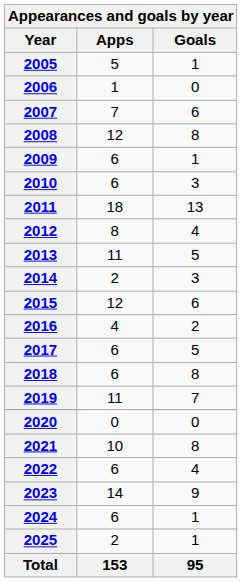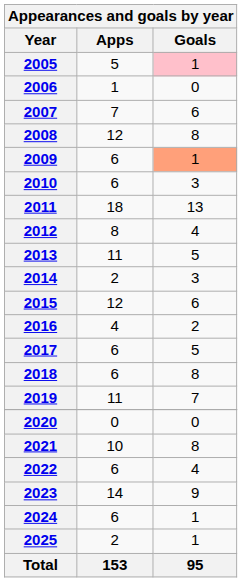 <table class="wikitable sortable" style="text-align:center;">
 <tr>
 <th colspan=3>Appearances and goals by year</th>
 </tr>
 <tr>
 <th scope=col>Year</th>
 <th scope=col>Apps</th>
 <th scope=col>Goals</th>
 </tr>
 <tr>
 <th scope=row><a href='#'>2005</a></th>
 <td>5</td>
-<td>1</td>
+<td style="background: pink;">1</td>
 </tr>
 <tr>
 <th scope=row><a href='#'>2006</a></th>
 <td>1</td>
 <td>0</td>
 </tr>
 <tr>
 <th scope=row><a href='#'>2007</a></th>
 <td>7</td>
 <td>6</td>
 </tr>
 <tr>
 <th scope=row><a href='#'>2008</a></th>
 <td>12</td>
 <td>8</td>
 </tr>
 <tr>
 <th scope=row><a href='#'>2009</a></th>
 <td>6</td>
-<td>1</td>
+<td style="background: lightsalmon;">1</td>
 </tr>
 <tr>
 <th scope=row><a href='#'>2010</a></th>
 <td>6</td>
 <td>3</td>
 </tr>
 <tr>
 <th scope=row><a href='#'>2011</a></th>
 <td>18</td>
 <td>13</td>
 </tr>
 <tr>
 <th scope=row><a href='#'>2012</a></th>
 <td>8</td>
 <td>4</td>
 </tr>
 <tr>
 <th scope=row><a href='#'>2013</a></th>
 <td>11</td>
 <td>5</td>
 </tr>
 <tr>
 <th scope=row><a href='#'>2014</a></th>
 <td>2</td>
 <td>3</td>
 </tr>
 <tr>
 <th scope=row><a href='#'>2015</a></th>
 <td>12</td>
 <td>6</td>
 </tr>
 <tr>
 <th scope=row><a href='#'>2016</a></th>
 <td>4</td>
 <td>2</td>
 </tr>
 <tr>
 <th scope=row><a href='#'>2017</a></th>
 <td>6</td>
 <td>5</td>
 </tr>
 <tr>
 <th scope=row><a href='#'>2018</a></th>
 <td>6</td>
 <td>8</td>
 </tr>
 <tr>
 <th scope=row><a href='#'>2019</a></th>
 <td>11</td>
 <td>7</td>
 </tr>
 <tr>
 </tr>
 <tr>
 <th scope=row><a href='#'>2020</a></th>
 <td>0</td>
 <td>0</td>
 </tr>
 <tr>
 <th scope=row><a href='#'>2021</a></th>
 <td>10</td>
 <td>8</td>
 </tr>
 <tr>
 <th scope=row><a href='#'>2022</a></th>
 <td>6</td>
 <td>4</td>
 </tr>
 <tr>
 <th scope=row><a href='#'>2023</a></th>
 <td>14</td>
 <td>9</td>
 </tr>
 <tr>
 <th scope=row><a href='#'>2024</a></th>
 <td>6</td>
 <td>1</td>
 </tr>
 <tr>
 <th scope=row><a href='#'>2025</a></th>
 <td>2</td>
 <td>1</td>
 </tr>
 <tr>
 <th scope=row>Total</th>
 <th>153</th>
 <th>95</th>
 </tr>
 </table>
